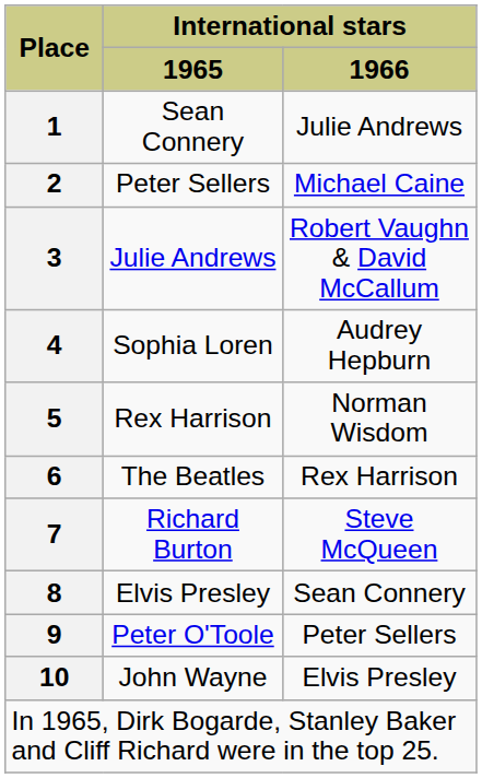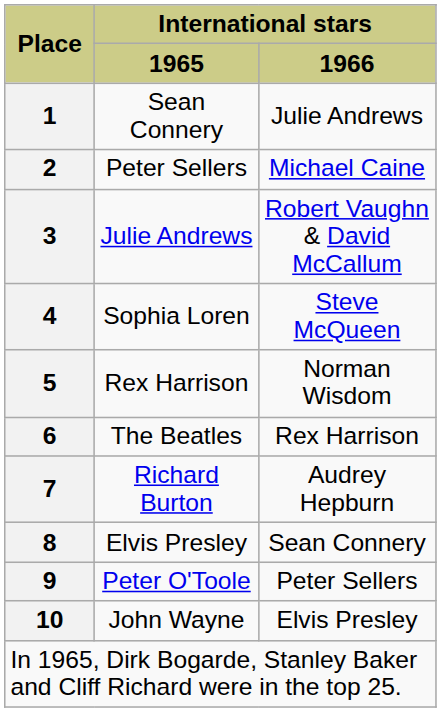 <table class="wikitable" width="45%">
 <tr>
 <th style="background:#CC8" width="5%" rowspan="2">Place</th>
 <th scope="col" style="background:#CC8" width="4%" colspan="2">International stars</th>
 </tr>
 <tr>
 <th style="background:#CC8" width="20%">1965</th>
 <th style="background:#CC8" width="20%">1966</th>
 </tr>
 <tr align="center">
 <th scope="row">1</th>
 <td>Sean Connery</td>
 <td>Julie Andrews</td>
 </tr>
 <tr align="center">
 <th scope="row">2</th>
 <td>Peter Sellers</td>
 <td><a href='#'>Michael Caine</a></td>
 </tr>
 <tr align="center">
 <th scope="row">3</th>
 <td><a href='#'>Julie Andrews</a></td>
 <td><a href='#'>Robert Vaughn</a> & <a href='#'>David McCallum</a></td>
 </tr>
 <tr align="center">
 <th scope="row">4</th>
 <td>Sophia Loren</td>
-<td>Audrey Hepburn</td>
+<td><a href='#'>Steve McQueen</a></td>
 </tr>
 <tr align="center">
 <th scope="row">5</th>
 <td>Rex Harrison</td>
 <td>Norman Wisdom</td>
 </tr>
 <tr align="center">
 <th scope="row">6</th>
 <td>The Beatles</td>
 <td>Rex Harrison</td>
 </tr>
 <tr align="center">
 <th scope="row">7</th>
 <td><a href='#'>Richard Burton</a></td>
-<td><a href='#'>Steve McQueen</a></td>
+<td>Audrey Hepburn</td>
 </tr>
 <tr align="center">
 <th scope="row">8</th>
 <td>Elvis Presley</td>
 <td>Sean Connery</td>
 </tr>
 <tr align="center">
 <th scope="row">9</th>
 <td><a href='#'>Peter O'Toole</a></td>
 <td>Peter Sellers</td>
 </tr>
 <tr align="center">
 <th scope="row">10</th>
 <td>John Wayne</td>
 <td>Elvis Presley</td>
 </tr>
 <tr>
 <td colspan="3">In 1965, Dirk Bogarde, Stanley Baker and Cliff Richard were in the top 25.</td>
 </tr>
 </table>
